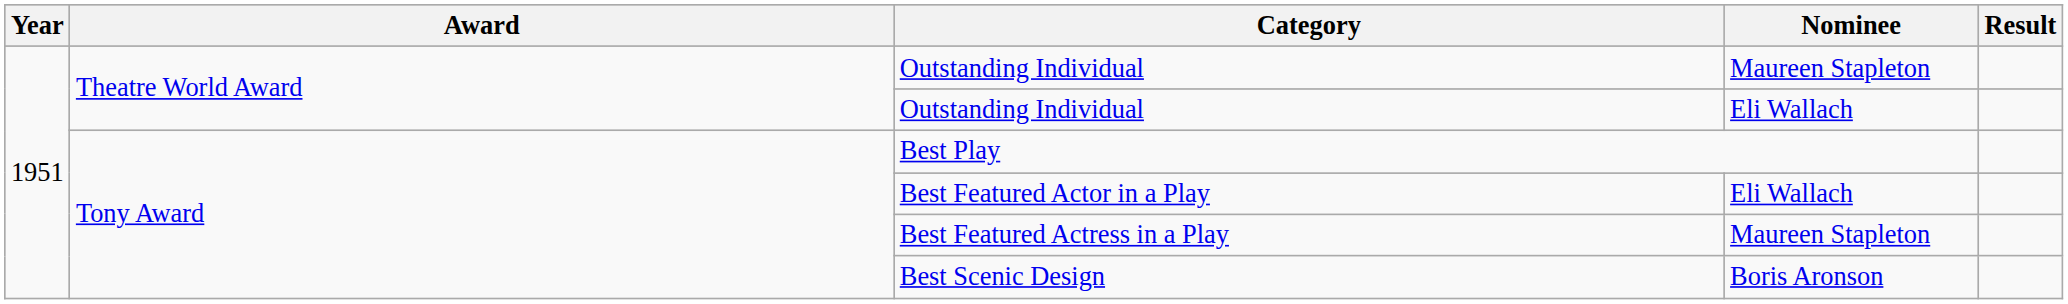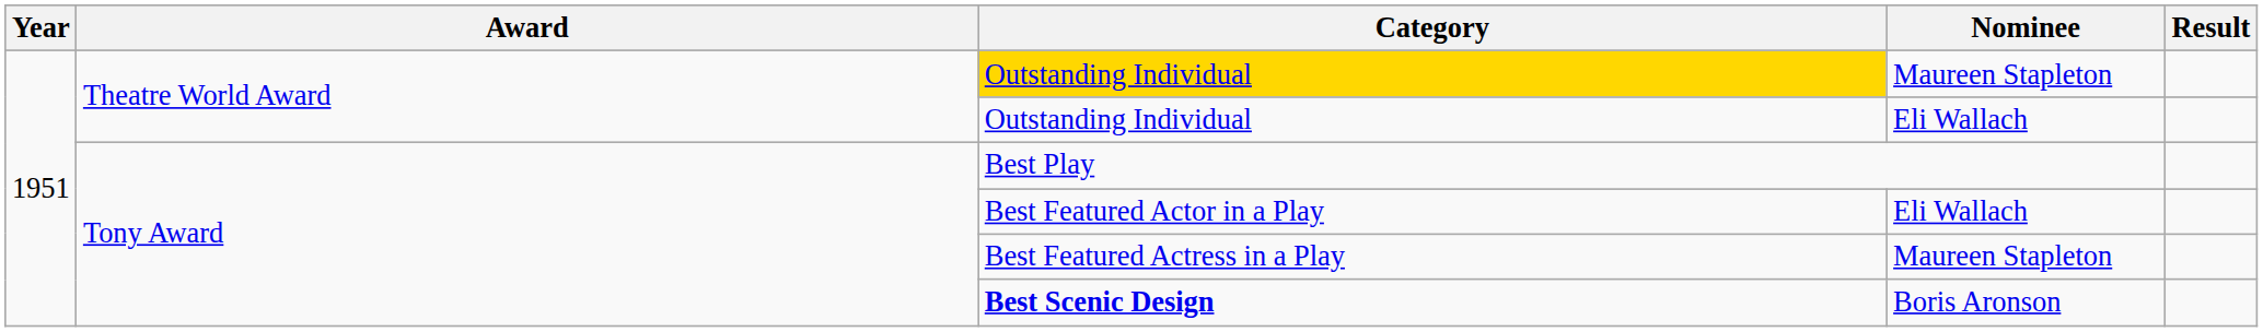 <table class="wikitable">
 <tr>
 <th scope="col" style="width:1em;">Year</th>
 <th scope="col" style="width:35em;">Award</th>
 <th scope="col" style="width:35em;">Category</th>
 <th scope="col" style="width:10em;">Nominee</th>
 <th scope="col" style="width:1em;">Result</th>
 </tr>
 <tr>
 <td rowspan="6">1951</td>
 <td rowspan="2"><a href='#'>Theatre World Award</a></td>
-<td><a href='#'>Outstanding Individual</a></td>
+<td style="background: gold;"><a href='#'>Outstanding Individual</a></td>
 <td><a href='#'>Maureen Stapleton</a></td>
 <td></td>
 </tr>
 <tr>
 <td><a href='#'>Outstanding Individual</a></td>
 <td><a href='#'>Eli Wallach</a></td>
 <td></td>
 </tr>
 <tr>
 <td rowspan="4"><a href='#'>Tony Award</a></td>
 <td colspan="2"><a href='#'>Best Play</a></td>
 <td></td>
 </tr>
 <tr>
 <td><a href='#'>Best Featured Actor in a Play</a></td>
 <td><a href='#'>Eli Wallach</a></td>
 <td></td>
 </tr>
 <tr>
 <td><a href='#'>Best Featured Actress in a Play</a></td>
 <td><a href='#'>Maureen Stapleton</a></td>
 <td></td>
 </tr>
 <tr>
-<td><a href='#'>Best Scenic Design</a></td>
+<td><strong><a href='#'>Best Scenic Design</a></strong></td>
 <td><a href='#'>Boris Aronson</a></td>
 <td></td>
 </tr>
 </table>
